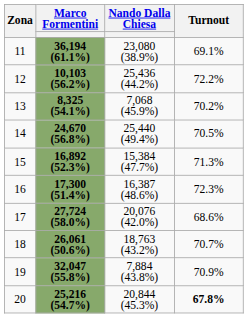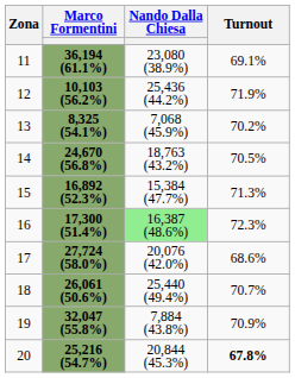 <table class="wikitable" style="text-align:center; font-size:85%; line-height:13px">
 <tr style="height:30px; background-color:#E9E9E9">
 <th style="width:30px;" rowspan="2">Zona</th>
 <th style="width:75px;"><a href='#'>Marco Formentini</a></th>
 <th style="width:75px;"><a href='#'>Nando Dalla Chiesa</a></th>
 <th rowspan="2" style="width:75px;">Turnout</th>
 </tr>
 <tr>
 <th style="background:"></th>
 <th style="background:"></th>
 </tr>
 <tr>
 <td>11</td>
 <td style="background:#87A96B"><strong>36,194 <br>(61.1%)</strong></td>
 <td>23,080 <br>(38.9%)</td>
 <td>69.1%</td>
 </tr>
 <tr>
 <td>12</td>
 <td style="background:#87A96B"><strong>10,103 <br>(56.2%)</strong></td>
 <td>25,436 <br>(44.2%)</td>
-<td>72.2%</td>
+<td>71.9%</td>
 </tr>
 <tr>
 <td>13</td>
 <td style="background:#87A96B"><strong>8,325 <br>(54.1%)</strong></td>
 <td>7,068 <br>(45.9%)</td>
 <td>70.2%</td>
 </tr>
 <tr>
 <td>14</td>
 <td style="background:#87A96B"><strong>24,670 <br>(56.8%)</strong></td>
-<td>25,440 <br>(49.4%)</td>
+<td>18,763 <br>(43.2%)</td>
 <td>70.5%</td>
 </tr>
 <tr>
 <td>15</td>
 <td style="background:#87A96B"><strong>16,892 <br>(52.3%)</strong></td>
 <td>15,384 <br>(47.7%)</td>
 <td>71.3%</td>
 </tr>
 <tr>
 <td>16</td>
 <td style="background:#87A96B"><strong>17,300 <br>(51.4%)</strong></td>
-<td>16,387 <br>(48.6%)</td>
+<td style="background: lightgreen;">16,387 <br>(48.6%)</td>
 <td>72.3%</td>
 </tr>
 <tr>
 <td>17</td>
 <td style="background:#87A96B"><strong>27,724 <br>(58.0%)</strong></td>
 <td>20,076 <br>(42.0%)</td>
 <td>68.6%</td>
 </tr>
 <tr>
 <td>18</td>
 <td style="background:#87A96B"><strong>26,061 <br>(50.6%)</strong></td>
-<td>18,763 <br>(43.2%)</td>
+<td>25,440 <br>(49.4%)</td>
 <td>70.7%</td>
 </tr>
 <tr>
 <td>19</td>
 <td style="background:#87A96B"><strong>32,047 <br>(55.8%)</strong></td>
 <td>7,884 <br>(43.8%)</td>
 <td>70.9%</td>
 </tr>
 <tr>
 <td>20</td>
 <td style="background:#87A96B"><strong>25,216 <br>(54.7%)</strong></td>
 <td>20,844 <br>(45.3%)</td>
 <td><strong>67.8%</strong></td>
 </tr>
 </table>
